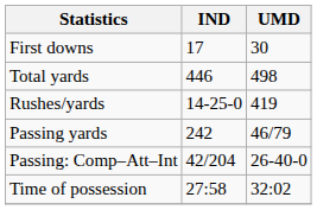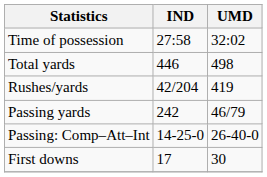 <table class="wikitable" style="float: left;">
 <tr>
 <th>Statistics</th>
 <th>IND</th>
 <th>UMD</th>
 </tr>
 <tr>
-<td>First downs</td>
-<td>17</td>
-<td>30</td>
+<td>Time of possession</td>
+<td>27:58</td>
+<td>32:02</td>
 </tr>
 <tr>
 <td>Total yards</td>
 <td>446</td>
 <td>498</td>
 </tr>
 <tr>
 <td>Rushes/yards</td>
-<td>14-25-0</td>
+<td>42/204</td>
 <td>419</td>
 </tr>
 <tr>
 <td>Passing yards</td>
 <td>242</td>
 <td>46/79</td>
 </tr>
 <tr>
 <td>Passing: Comp–Att–Int</td>
-<td>42/204</td>
+<td>14-25-0</td>
 <td>26-40-0</td>
 </tr>
 <tr>
-<td>Time of possession</td>
-<td>27:58</td>
-<td>32:02</td>
+<td>First downs</td>
+<td>17</td>
+<td>30</td>
 </tr>
 <tr>
 </tr>
 </table>
